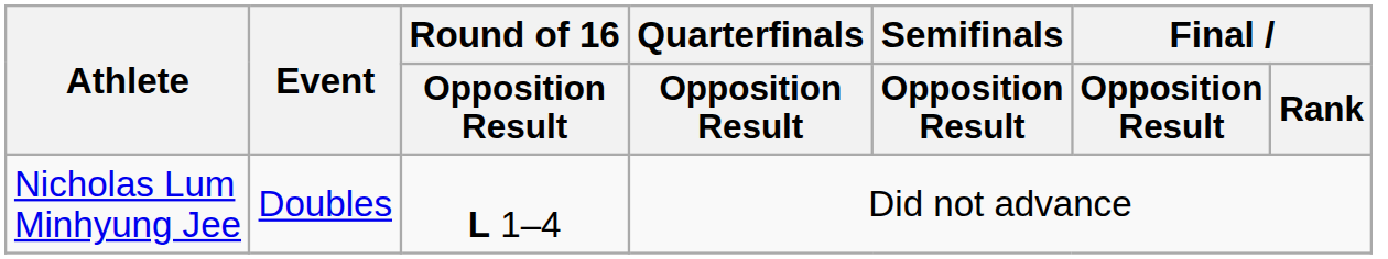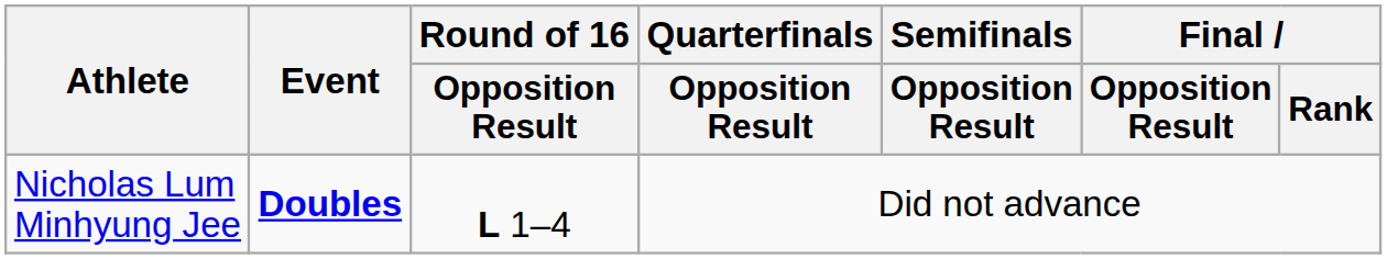 <table class=wikitable style=font-size:90%>
 <tr>
 <th rowspan=2>Athlete</th>
 <th rowspan=2>Event</th>
 <th>Round of 16</th>
 <th>Quarterfinals</th>
 <th>Semifinals</th>
 <th colspan=2>Final / </th>
 </tr>
 <tr style=font-size:95%>
 <th>Opposition<br>Result</th>
 <th>Opposition<br>Result</th>
 <th>Opposition<br>Result</th>
 <th>Opposition<br>Result</th>
 <th>Rank</th>
 </tr>
 <tr align=center>
 <td align=left><a href='#'>Nicholas Lum</a><br><a href='#'>Minhyung Jee</a></td>
-<td align=left><a href='#'>Doubles</a></td>
+<td align=left><strong><a href='#'>Doubles</a></strong></td>
 <td><br><strong>L</strong> 1–4</td>
 <td colspan=4>Did not advance</td>
 </tr>
 </table>
